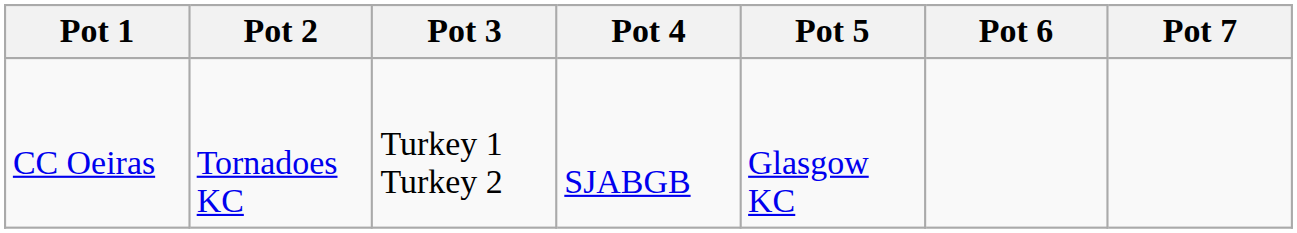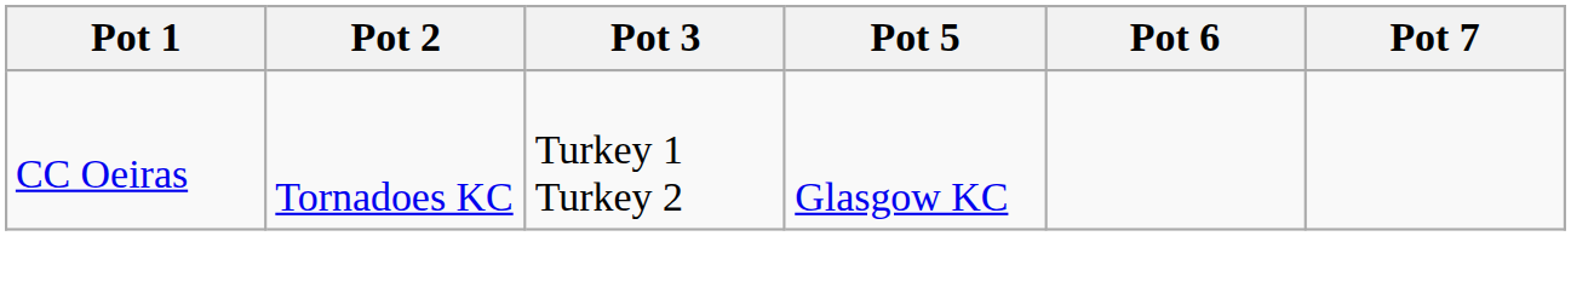 <table class="wikitable collapsible">
 <tr>
 <th width=14%>Pot 1</th>
 <th width=14%>Pot 2</th>
 <th width=14%>Pot 3</th>
-<th width=14%>Pot 4</th>
 <th width=14%>Pot 5</th>
 <th width=14%>Pot 6</th>
 <th width=14%>Pot 7</th>
 </tr>
 <tr>
 <td><br> <a href='#'>CC Oeiras</a><br> </td>
 <td><br><br>  <a href='#'>Tornadoes KC</a></td>
 <td><br>Turkey 1<br> Turkey 2</td>
-<td><br><br>  <a href='#'>SJABGB</a></td>
 <td><br><br>  <a href='#'>Glasgow KC</a></td>
 <td><br><br> </td>
 <td><br></td>
 </tr>
 </table>
